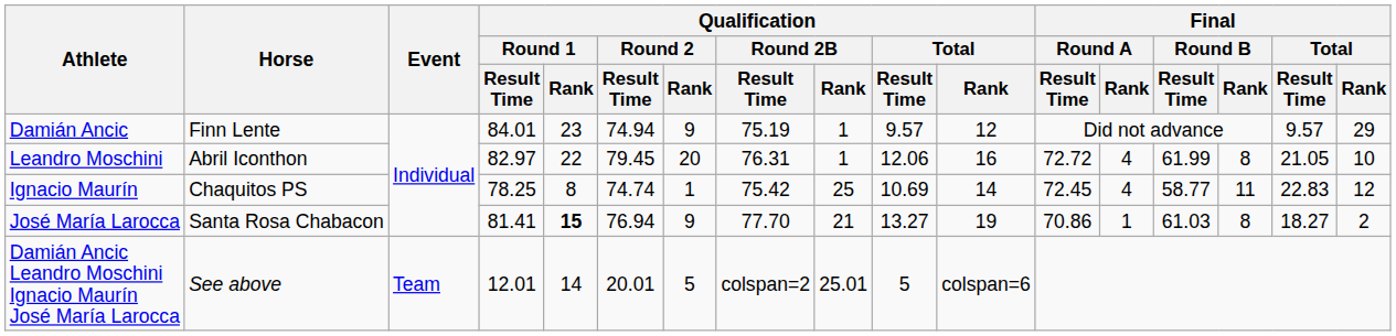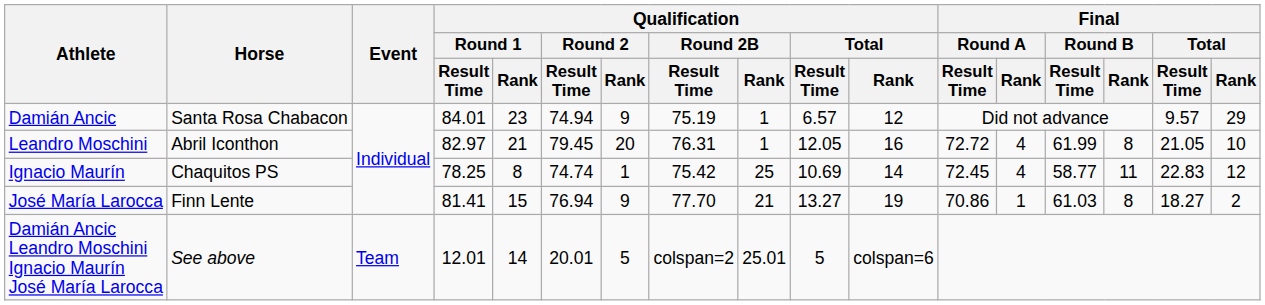 <table class=wikitable style=font-size:90%;text-align:center>
 <tr>
 <th rowspan=3>Athlete</th>
 <th rowspan=3>Horse</th>
 <th rowspan=3>Event</th>
 <th colspan=8>Qualification</th>
 <th colspan=6>Final</th>
 </tr>
 <tr style=font-size:95%>
 <th colspan=2>Round 1</th>
 <th colspan=2>Round 2</th>
 <th colspan=2>Round 2B</th>
 <th colspan=2>Total</th>
 <th colspan=2>Round A</th>
 <th colspan=2>Round B</th>
 <th colspan=2>Total</th>
 </tr>
 <tr style=font-size:95%>
 <th>Result<br>Time</th>
 <th>Rank</th>
 <th>Result<br>Time</th>
 <th>Rank</th>
 <th>Result<br>Time</th>
 <th>Rank</th>
 <th>Result<br>Time</th>
 <th>Rank</th>
 <th>Result<br>Time</th>
 <th>Rank</th>
 <th>Result<br>Time</th>
 <th>Rank</th>
 <th>Result<br>Time</th>
 <th>Rank</th>
 </tr>
 <tr>
 <td align=left><a href='#'>Damián Ancic</a></td>
-<td align=left>Finn Lente</td>
+<td align=left>Santa Rosa Chabacon</td>
 <td align=left rowspan=4><a href='#'>Individual</a></td>
 <td>84.01</td>
 <td>23</td>
 <td>74.94</td>
 <td>9</td>
 <td>75.19</td>
 <td>1</td>
-<td>9.57</td>
+<td>6.57</td>
 <td>12</td>
 <td colspan=4>Did not advance</td>
 <td>9.57</td>
 <td>29</td>
 </tr>
 <tr>
 <td align=left><a href='#'>Leandro Moschini</a></td>
 <td align=left>Abril Iconthon</td>
 <td>82.97</td>
-<td>22</td>
+<td>21</td>
 <td>79.45</td>
 <td>20</td>
 <td>76.31</td>
 <td>1</td>
-<td>12.06</td>
+<td>12.05</td>
 <td>16</td>
 <td>72.72</td>
 <td>4</td>
 <td>61.99</td>
 <td>8</td>
 <td>21.05</td>
 <td>10</td>
 </tr>
 <tr>
 <td align=left><a href='#'>Ignacio Maurín</a></td>
 <td align=left>Chaquitos PS</td>
 <td>78.25</td>
 <td>8</td>
 <td>74.74</td>
 <td>1</td>
 <td>75.42</td>
 <td>25</td>
 <td>10.69</td>
 <td>14</td>
 <td>72.45</td>
 <td>4</td>
 <td>58.77</td>
 <td>11</td>
 <td>22.83</td>
 <td>12</td>
 </tr>
 <tr>
 <td align=left><a href='#'>José María Larocca</a></td>
-<td align=left>Santa Rosa Chabacon</td>
+<td align=left>Finn Lente</td>
 <td>81.41</td>
-<td><strong>15</strong></td>
+<td>15</td>
 <td>76.94</td>
 <td>9</td>
 <td>77.70</td>
 <td>21</td>
 <td>13.27</td>
 <td>19</td>
 <td>70.86</td>
 <td>1</td>
 <td>61.03</td>
 <td>8</td>
 <td>18.27</td>
 <td>2</td>
 </tr>
 <tr>
 <td align=left><a href='#'>Damián Ancic</a><br><a href='#'>Leandro Moschini</a><br><a href='#'>Ignacio Maurín</a><br><a href='#'>José María Larocca</a></td>
 <td align=left><em>See above</em></td>
 <td align=left><a href='#'>Team</a></td>
 <td>12.01</td>
 <td>14</td>
 <td>20.01</td>
 <td>5</td>
 <td>colspan=2 </td>
 <td>25.01</td>
 <td>5</td>
 <td>colspan=6 </td>
 </tr>
 </table>
